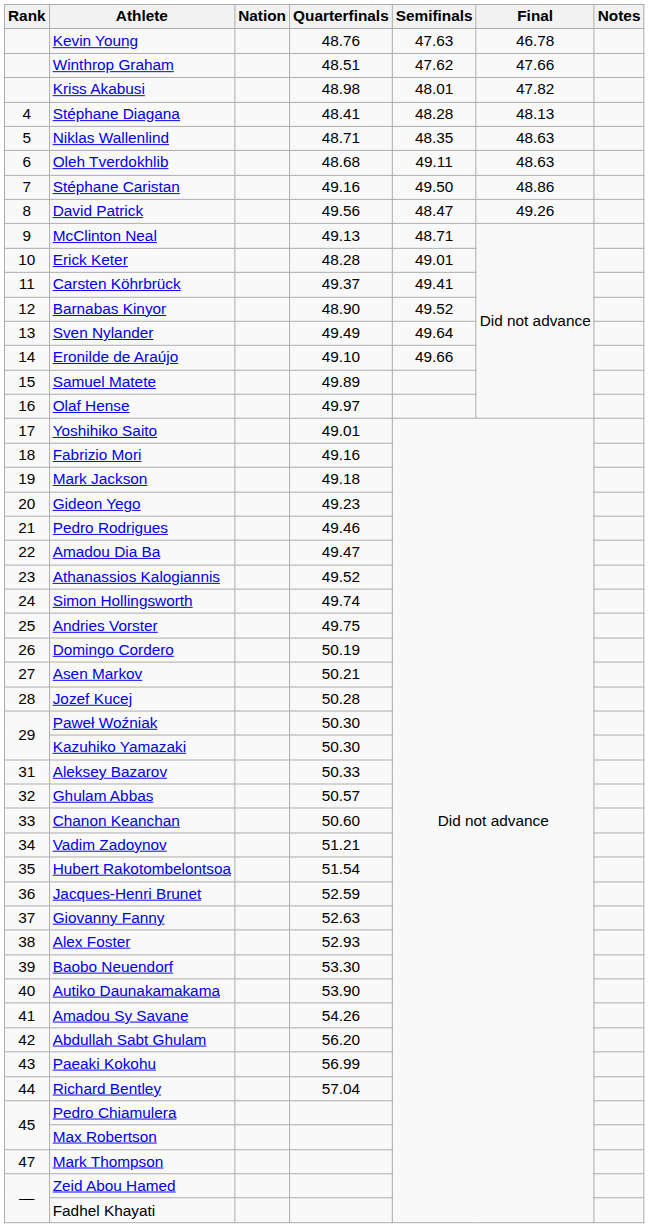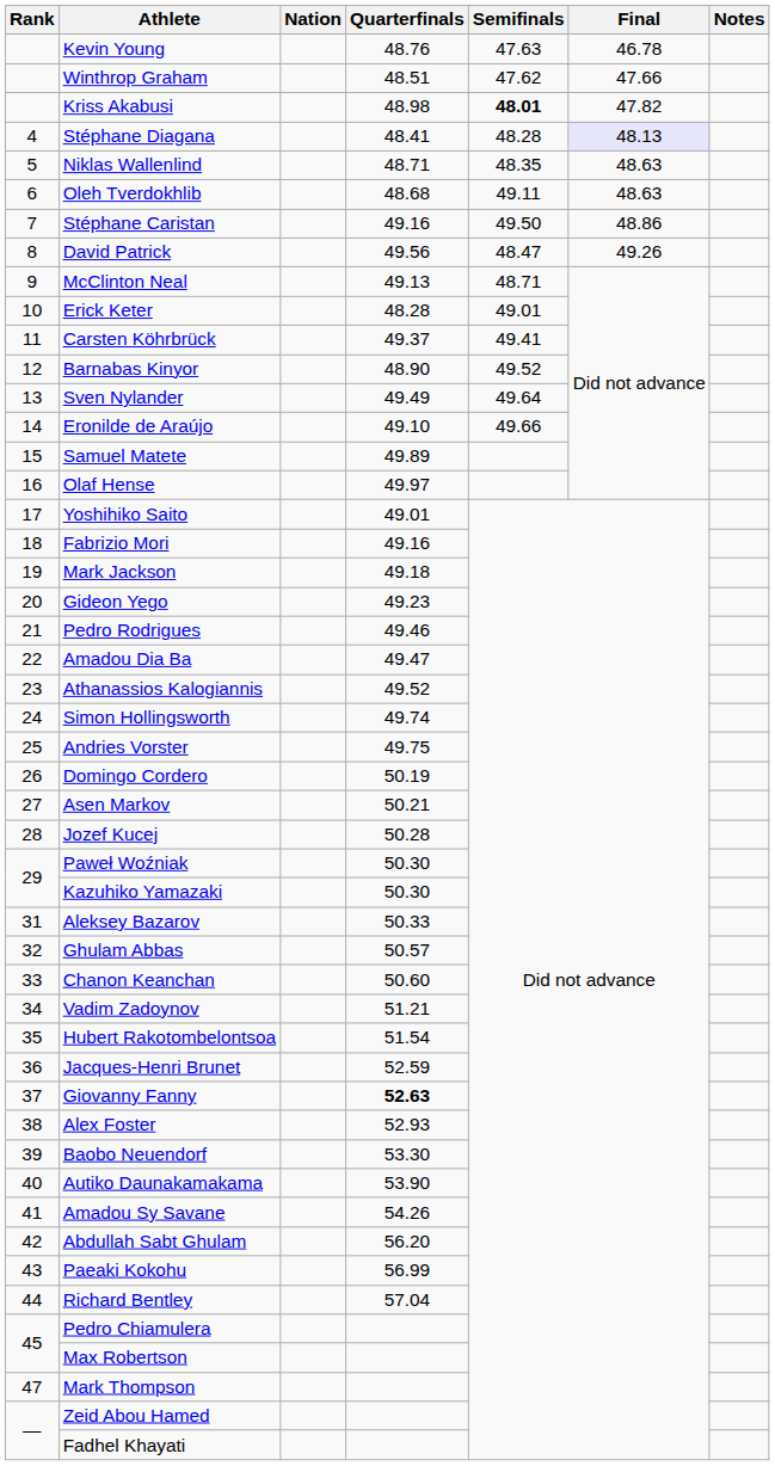 <table class="wikitable sortable" style="text-align:center">
 <tr>
 <th>Rank</th>
 <th>Athlete</th>
 <th>Nation</th>
 <th>Quarterfinals</th>
 <th>Semifinals</th>
 <th>Final</th>
 <th>Notes</th>
 </tr>
 <tr>
 <td></td>
 <td align=left><a href='#'>Kevin Young</a></td>
 <td align=left></td>
 <td>48.76</td>
 <td>47.63</td>
 <td>46.78</td>
 <td></td>
 </tr>
 <tr>
 <td></td>
 <td align=left><a href='#'>Winthrop Graham</a></td>
 <td align=left></td>
 <td>48.51</td>
 <td>47.62</td>
 <td>47.66</td>
 <td></td>
 </tr>
 <tr>
 <td></td>
 <td align=left><a href='#'>Kriss Akabusi</a></td>
 <td align=left></td>
 <td>48.98</td>
-<td>48.01</td>
+<td><strong>48.01</strong></td>
 <td>47.82</td>
 <td></td>
 </tr>
 <tr>
 <td>4</td>
 <td align=left><a href='#'>Stéphane Diagana</a></td>
 <td align=left></td>
 <td>48.41</td>
 <td>48.28</td>
-<td>48.13</td>
+<td style="background: lavender;">48.13</td>
 <td></td>
 </tr>
 <tr>
 <td>5</td>
 <td align=left><a href='#'>Niklas Wallenlind</a></td>
 <td align=left></td>
 <td>48.71</td>
 <td>48.35</td>
 <td>48.63</td>
 <td></td>
 </tr>
 <tr>
 <td>6</td>
 <td align=left><a href='#'>Oleh Tverdokhlib</a></td>
 <td align=left></td>
 <td>48.68</td>
 <td>49.11</td>
 <td>48.63</td>
 <td></td>
 </tr>
 <tr>
 <td>7</td>
 <td align=left><a href='#'>Stéphane Caristan</a></td>
 <td align=left></td>
 <td>49.16</td>
 <td>49.50</td>
 <td>48.86</td>
 <td></td>
 </tr>
 <tr>
 <td>8</td>
 <td align=left><a href='#'>David Patrick</a></td>
 <td align=left></td>
 <td>49.56</td>
 <td>48.47</td>
 <td>49.26</td>
 <td></td>
 </tr>
 <tr>
 <td>9</td>
 <td align=left><a href='#'>McClinton Neal</a></td>
 <td align=left></td>
 <td>49.13</td>
 <td>48.71</td>
 <td rowspan=8 data-sort-value=99.99>Did not advance</td>
 <td></td>
 </tr>
 <tr>
 <td>10</td>
 <td align=left><a href='#'>Erick Keter</a></td>
 <td align=left></td>
 <td>48.28</td>
 <td>49.01</td>
 <td></td>
 </tr>
 <tr>
 <td>11</td>
 <td align=left><a href='#'>Carsten Köhrbrück</a></td>
 <td align=left></td>
 <td>49.37</td>
 <td>49.41</td>
 <td></td>
 </tr>
 <tr>
 <td>12</td>
 <td align=left><a href='#'>Barnabas Kinyor</a></td>
 <td align=left></td>
 <td>48.90</td>
 <td>49.52</td>
 <td></td>
 </tr>
 <tr>
 <td>13</td>
 <td align=left><a href='#'>Sven Nylander</a></td>
 <td align=left></td>
 <td>49.49</td>
 <td>49.64</td>
 <td></td>
 </tr>
 <tr>
 <td>14</td>
 <td align=left><a href='#'>Eronilde de Araújo</a></td>
 <td align=left></td>
 <td>49.10</td>
 <td>49.66</td>
 <td></td>
 </tr>
 <tr>
 <td>15</td>
 <td align=left><a href='#'>Samuel Matete</a></td>
 <td align=left></td>
 <td>49.89</td>
 <td data-sort-value=70.00></td>
 <td></td>
 </tr>
 <tr>
 <td>16</td>
 <td align=left><a href='#'>Olaf Hense</a></td>
 <td align=left></td>
 <td>49.97</td>
 <td data-sort-value=90.00></td>
 <td></td>
 </tr>
 <tr>
 <td>17</td>
 <td align=left><a href='#'>Yoshihiko Saito</a></td>
 <td align=left></td>
 <td>49.01</td>
 <td colspan=2 rowspan=33 data-sort-value=99.99>Did not advance</td>
 <td></td>
 </tr>
 <tr>
 <td>18</td>
 <td align=left><a href='#'>Fabrizio Mori</a></td>
 <td align=left></td>
 <td>49.16</td>
 <td></td>
 </tr>
 <tr>
 <td>19</td>
 <td align=left><a href='#'>Mark Jackson</a></td>
 <td align=left></td>
 <td>49.18</td>
 <td></td>
 </tr>
 <tr>
 <td>20</td>
 <td align=left><a href='#'>Gideon Yego</a></td>
 <td align=left></td>
 <td>49.23</td>
 <td></td>
 </tr>
 <tr>
 <td>21</td>
 <td align=left><a href='#'>Pedro Rodrigues</a></td>
 <td align=left></td>
 <td>49.46</td>
 <td></td>
 </tr>
 <tr>
 <td>22</td>
 <td align=left><a href='#'>Amadou Dia Ba</a></td>
 <td align=left></td>
 <td>49.47</td>
 <td></td>
 </tr>
 <tr>
 <td>23</td>
 <td align=left><a href='#'>Athanassios Kalogiannis</a></td>
 <td align=left></td>
 <td>49.52</td>
 <td></td>
 </tr>
 <tr>
 <td>24</td>
 <td align=left><a href='#'>Simon Hollingsworth</a></td>
 <td align=left></td>
 <td>49.74</td>
 <td></td>
 </tr>
 <tr>
 <td>25</td>
 <td align=left><a href='#'>Andries Vorster</a></td>
 <td align=left></td>
 <td>49.75</td>
 <td></td>
 </tr>
 <tr>
 <td>26</td>
 <td align=left><a href='#'>Domingo Cordero</a></td>
 <td align=left></td>
 <td>50.19</td>
 <td></td>
 </tr>
 <tr>
 <td>27</td>
 <td align=left><a href='#'>Asen Markov</a></td>
 <td align=left></td>
 <td>50.21</td>
 <td></td>
 </tr>
 <tr>
 <td>28</td>
 <td align=left><a href='#'>Jozef Kucej</a></td>
 <td align=left></td>
 <td>50.28</td>
 <td></td>
 </tr>
 <tr>
 <td rowspan=2>29</td>
 <td align=left><a href='#'>Paweł Woźniak</a></td>
 <td align=left></td>
 <td>50.30</td>
 <td></td>
 </tr>
 <tr>
 <td align=left><a href='#'>Kazuhiko Yamazaki</a></td>
 <td align=left></td>
 <td>50.30</td>
 <td></td>
 </tr>
 <tr>
 <td>31</td>
 <td align=left><a href='#'>Aleksey Bazarov</a></td>
 <td align=left></td>
 <td>50.33</td>
 <td></td>
 </tr>
 <tr>
 <td>32</td>
 <td align=left><a href='#'>Ghulam Abbas</a></td>
 <td align=left></td>
 <td>50.57</td>
 <td></td>
 </tr>
 <tr>
 <td>33</td>
 <td align=left><a href='#'>Chanon Keanchan</a></td>
 <td align=left></td>
 <td>50.60</td>
 <td></td>
 </tr>
 <tr>
 <td>34</td>
 <td align=left><a href='#'>Vadim Zadoynov</a></td>
 <td align=left></td>
 <td>51.21</td>
 <td></td>
 </tr>
 <tr>
 <td>35</td>
 <td align=left><a href='#'>Hubert Rakotombelontsoa</a></td>
 <td align=left></td>
 <td>51.54</td>
 <td></td>
 </tr>
 <tr>
 <td>36</td>
 <td align=left><a href='#'>Jacques-Henri Brunet</a></td>
 <td align=left></td>
 <td>52.59</td>
 <td></td>
 </tr>
 <tr>
 <td>37</td>
 <td align=left><a href='#'>Giovanny Fanny</a></td>
 <td align=left></td>
-<td>52.63</td>
+<td><strong>52.63</strong></td>
 <td></td>
 </tr>
 <tr>
 <td>38</td>
 <td align=left><a href='#'>Alex Foster</a></td>
 <td align=left></td>
 <td>52.93</td>
 <td></td>
 </tr>
 <tr>
 <td>39</td>
 <td align=left><a href='#'>Baobo Neuendorf</a></td>
 <td align=left></td>
 <td>53.30</td>
 <td></td>
 </tr>
 <tr>
 <td>40</td>
 <td align=left><a href='#'>Autiko Daunakamakama</a></td>
 <td align=left></td>
 <td>53.90</td>
 <td></td>
 </tr>
 <tr>
 <td>41</td>
 <td align=left><a href='#'>Amadou Sy Savane</a></td>
 <td align=left></td>
 <td>54.26</td>
 <td></td>
 </tr>
 <tr>
 <td>42</td>
 <td align=left><a href='#'>Abdullah Sabt Ghulam</a></td>
 <td align=left></td>
 <td>56.20</td>
 <td></td>
 </tr>
 <tr>
 <td>43</td>
 <td align=left><a href='#'>Paeaki Kokohu</a></td>
 <td align=left></td>
 <td>56.99</td>
 <td></td>
 </tr>
 <tr>
 <td>44</td>
 <td align=left><a href='#'>Richard Bentley</a></td>
 <td align=left></td>
 <td>57.04</td>
 <td></td>
 </tr>
 <tr>
 <td rowspan=2>45</td>
 <td align=left><a href='#'>Pedro Chiamulera</a></td>
 <td align=left></td>
 <td data-sort-value=60.00></td>
 <td></td>
 </tr>
 <tr>
 <td align=left><a href='#'>Max Robertson</a></td>
 <td align=left></td>
 <td data-sort-value=60.00></td>
 <td></td>
 </tr>
 <tr>
 <td>47</td>
 <td align=left><a href='#'>Mark Thompson</a></td>
 <td align=left></td>
 <td data-sort-value=70.00></td>
 <td></td>
 </tr>
 <tr>
 <td rowspan=2 data-sort-value=48>—</td>
 <td align=left><a href='#'>Zeid Abou Hamed</a></td>
 <td align=left></td>
 <td data-sort-value=90.00></td>
 <td></td>
 </tr>
 <tr>
 <td align=left>Fadhel Khayati</td>
 <td align=left></td>
 <td data-sort-value=90.00></td>
 <td></td>
 </tr>
 </table>
